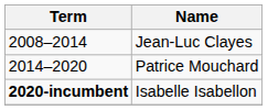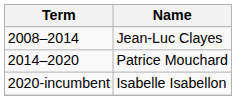 <table class="wikitable">
 <tr>
 <th>Term</th>
 <th>Name</th>
 </tr>
 <tr>
 <td>2008–2014</td>
 <td>Jean-Luc Clayes</td>
 </tr>
 <tr>
 <td>2014–2020</td>
 <td>Patrice Mouchard</td>
 </tr>
 <tr>
-<td><strong>2020-incumbent</strong></td>
+<td>2020-incumbent</td>
 <td>Isabelle Isabellon</td>
 </tr>
 <tr>
 </tr>
 </table>
